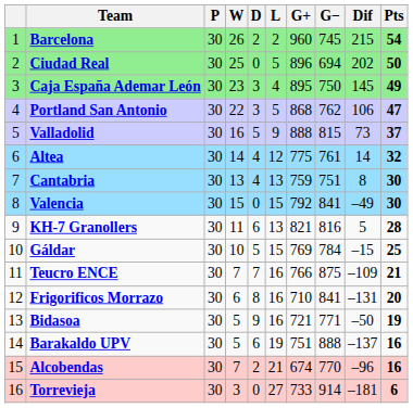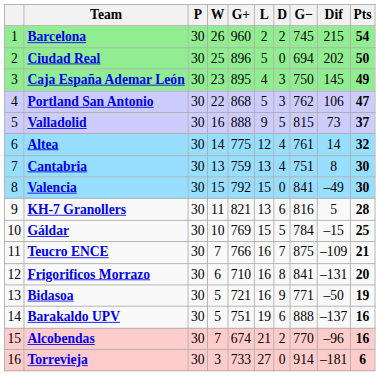 <table class="wikitable sortable" style="text-align: center;">
 <tr>
 <th align="center"></th>
 <th align="center">Team</th>
 <th align="center">P</th>
 <th align="center">W</th>
+<th align="center">G+</th>
+<th align="center">L</th>
 <th align="center">D</th>
-<th align="center">L</th>
-<th align="center">G+</th>
 <th align="center">G−</th>
 <th align="center">Dif</th>
 <th align="center">Pts</th>
 </tr>
 <tr style="background: #90EE90;">
 <td>1</td>
 <td align="left"><strong><a href='#'>Barcelona</a></strong></td>
 <td>30</td>
 <td>26</td>
+<td>960</td>
 <td>2</td>
 <td>2</td>
-<td>960</td>
 <td>745</td>
 <td>215</td>
 <td><strong>54</strong></td>
 </tr>
 <tr style="background: #90EE90;">
 <td>2</td>
 <td align="left"><strong><a href='#'>Ciudad Real</a></strong></td>
 <td>30</td>
 <td>25</td>
+<td>896</td>
+<td>5</td>
 <td>0</td>
-<td>5</td>
-<td>896</td>
 <td>694</td>
 <td>202</td>
 <td><strong>50</strong></td>
 </tr>
 <tr style="background: #90EE90;">
 <td>3</td>
 <td align="left"><strong><a href='#'>Caja España Ademar León</a></strong></td>
 <td>30</td>
 <td>23</td>
+<td>895</td>
+<td>4</td>
 <td>3</td>
-<td>4</td>
-<td>895</td>
 <td>750</td>
 <td>145</td>
 <td><strong>49</strong></td>
 </tr>
 <tr style="background: #ccccff;">
 <td>4</td>
 <td align="left"><strong><a href='#'>Portland San Antonio</a></strong></td>
 <td>30</td>
 <td>22</td>
+<td>868</td>
+<td>5</td>
 <td>3</td>
-<td>5</td>
-<td>868</td>
 <td>762</td>
 <td>106</td>
 <td><strong>47</strong></td>
 </tr>
 <tr style="background: #ccccff;">
 <td>5</td>
 <td align="left"><strong><a href='#'>Valladolid</a></strong></td>
 <td>30</td>
 <td>16</td>
+<td>888</td>
+<td>9</td>
 <td>5</td>
-<td>9</td>
-<td>888</td>
 <td>815</td>
 <td>73</td>
 <td><strong>37</strong></td>
 </tr>
 <tr style="background: #97DEFF;">
 <td>6</td>
 <td align="left"><strong><a href='#'>Altea</a></strong></td>
 <td>30</td>
 <td>14</td>
+<td>775</td>
+<td>12</td>
 <td>4</td>
-<td>12</td>
-<td>775</td>
 <td>761</td>
 <td>14</td>
 <td><strong>32</strong></td>
 </tr>
 <tr style="background: #97DEFF;">
 <td>7</td>
 <td align="left"><strong><a href='#'>Cantabria</a></strong></td>
 <td>30</td>
 <td>13</td>
+<td>759</td>
+<td>13</td>
 <td>4</td>
-<td>13</td>
-<td>759</td>
 <td>751</td>
 <td>8</td>
 <td><strong>30</strong></td>
 </tr>
 <tr style="background: #97DEFF;">
 <td>8</td>
 <td align="left"><strong><a href='#'>Valencia</a></strong></td>
 <td>30</td>
 <td>15</td>
+<td>792</td>
+<td>15</td>
 <td>0</td>
-<td>15</td>
-<td>792</td>
 <td>841</td>
 <td>–49</td>
 <td><strong>30</strong></td>
 </tr>
 <tr style="background:">
 <td>9</td>
 <td align="left"><strong><a href='#'>KH-7 Granollers</a></strong></td>
 <td>30</td>
 <td>11</td>
+<td>821</td>
+<td>13</td>
 <td>6</td>
-<td>13</td>
-<td>821</td>
 <td>816</td>
 <td>5</td>
 <td><strong>28</strong></td>
 </tr>
 <tr style="background:">
 <td>10</td>
 <td align="left"><strong><a href='#'>Gáldar</a></strong></td>
 <td>30</td>
 <td>10</td>
+<td>769</td>
+<td>15</td>
 <td>5</td>
-<td>15</td>
-<td>769</td>
 <td>784</td>
 <td>–15</td>
 <td><strong>25</strong></td>
 </tr>
 <tr style="background:">
 <td>11</td>
 <td align="left"><strong><a href='#'>Teucro ENCE</a></strong></td>
 <td>30</td>
 <td>7</td>
+<td>766</td>
+<td>16</td>
 <td>7</td>
-<td>16</td>
-<td>766</td>
 <td>875</td>
 <td>–109</td>
 <td><strong>21</strong></td>
 </tr>
 <tr style="background:">
 <td>12</td>
 <td align="left"><strong><a href='#'>Frigorificos Morrazo</a></strong></td>
 <td>30</td>
 <td>6</td>
+<td>710</td>
+<td>16</td>
 <td>8</td>
-<td>16</td>
-<td>710</td>
 <td>841</td>
 <td>–131</td>
 <td><strong>20</strong></td>
 </tr>
 <tr style="background:">
 <td>13</td>
 <td align="left"><strong><a href='#'>Bidasoa</a></strong></td>
 <td>30</td>
 <td>5</td>
+<td>721</td>
+<td>16</td>
 <td>9</td>
-<td>16</td>
-<td>721</td>
 <td>771</td>
 <td>–50</td>
 <td><strong>19</strong></td>
 </tr>
 <tr style="background:">
 <td>14</td>
 <td align="left"><strong><a href='#'>Barakaldo UPV</a></strong></td>
 <td>30</td>
 <td>5</td>
+<td>751</td>
+<td>19</td>
 <td>6</td>
-<td>19</td>
-<td>751</td>
 <td>888</td>
 <td>–137</td>
 <td><strong>16</strong></td>
 </tr>
 <tr style="background: #FFCCCC;">
 <td>15</td>
 <td align="left"><strong><a href='#'>Alcobendas</a></strong></td>
 <td>30</td>
 <td>7</td>
+<td>674</td>
+<td>21</td>
 <td>2</td>
-<td>21</td>
-<td>674</td>
 <td>770</td>
 <td>–96</td>
 <td><strong>16</strong></td>
 </tr>
 <tr style="background: #FFCCCC;">
 <td>16</td>
 <td align="left"><strong><a href='#'>Torrevieja</a></strong></td>
 <td>30</td>
 <td>3</td>
+<td>733</td>
+<td>27</td>
 <td>0</td>
-<td>27</td>
-<td>733</td>
 <td>914</td>
 <td>–181</td>
 <td><strong>6</strong></td>
 </tr>
 </table>
